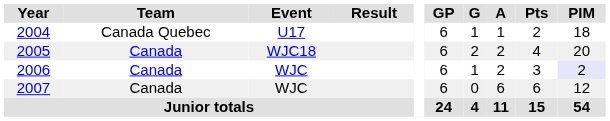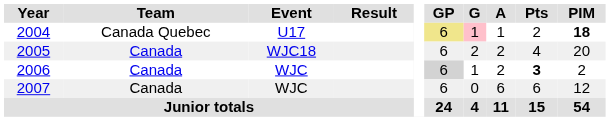 <table border="0" cellpadding="1" cellspacing="0" style="text-align:center; width:40em">
 <tr ALIGN="centre" bgcolor="#e0e0e0">
 <th>Year</th>
 <th>Team</th>
 <th>Event</th>
 <th>Result</th>
 <th rowspan="99" bgcolor="#ffffff"> </th>
 <th>GP</th>
 <th>G</th>
 <th>A</th>
 <th>Pts</th>
 <th>PIM</th>
 </tr>
 <tr>
 <td><a href='#'>2004</a></td>
 <td>Canada Quebec</td>
 <td><a href='#'>U17</a></td>
 <td></td>
-<td>6</td>
-<td>1</td>
+<td style="background: khaki;">6</td>
+<td style="background: pink;">1</td>
 <td>1</td>
 <td>2</td>
-<td>18</td>
+<td><strong>18</strong></td>
 </tr>
 <tr bgcolor="#f0f0f0">
 <td><a href='#'>2005</a></td>
 <td><a href='#'>Canada</a></td>
 <td><a href='#'>WJC18</a></td>
 <td></td>
 <td>6</td>
 <td>2</td>
 <td>2</td>
 <td>4</td>
 <td>20</td>
 </tr>
 <tr>
 <td><a href='#'>2006</a></td>
 <td><a href='#'>Canada</a></td>
 <td><a href='#'>WJC</a></td>
 <td></td>
-<td>6</td>
+<td style="background: lightgrey;">6</td>
 <td>1</td>
 <td>2</td>
-<td>3</td>
-<td style="background: lavender;">2</td>
+<td><strong>3</strong></td>
+<td>2</td>
 </tr>
 <tr bgcolor="#f0f0f0">
 <td><a href='#'>2007</a></td>
 <td>Canada</td>
 <td>WJC</td>
 <td></td>
 <td>6</td>
 <td>0</td>
 <td>6</td>
 <td>6</td>
 <td>12</td>
 </tr>
 <tr bgcolor="#e0e0e0">
 <th colspan="4">Junior totals</th>
 <th>24</th>
 <th>4</th>
 <th>11</th>
 <th>15</th>
 <th>54</th>
 </tr>
 </table>
